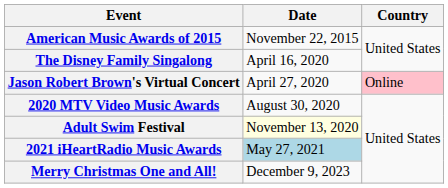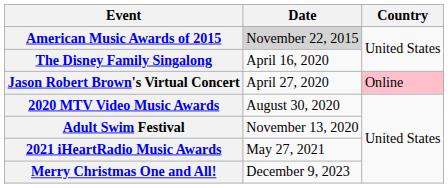 <table class="wikitable sortable plainrowheaders">
 <tr>
 <th>Event</th>
 <th>Date</th>
 <th>Country</th>
 </tr>
 <tr>
 <th scope="row"><a href='#'>American Music Awards of 2015</a></th>
-<td>November 22, 2015</td>
+<td style="background: lightgrey;">November 22, 2015</td>
 <td rowspan="2">United States</td>
 </tr>
 <tr>
 <th scope="row"><a href='#'>The Disney Family Singalong</a></th>
 <td>April 16, 2020</td>
 </tr>
 <tr>
 <th scope="row"><a href='#'>Jason Robert Brown</a>'s Virtual Concert</th>
 <td>April 27, 2020</td>
 <td style="background: pink;">Online</td>
 </tr>
 <tr>
 <th scope="row"><a href='#'>2020 MTV Video Music Awards</a></th>
 <td>August 30, 2020</td>
 <td rowspan="4">United States</td>
 </tr>
 <tr>
 <th scope="row"><a href='#'>Adult Swim</a> Festival</th>
-<td style="background: lightyellow;">November 13, 2020</td>
+<td>November 13, 2020</td>
 </tr>
 <tr>
 <th scope="row"><a href='#'>2021 iHeartRadio Music Awards</a></th>
-<td style="background: lightblue;">May 27, 2021</td>
+<td>May 27, 2021</td>
 </tr>
 <tr>
 <th scope="row"><a href='#'>Merry Christmas One and All!</a></th>
 <td>December 9, 2023</td>
 </tr>
 </table>
